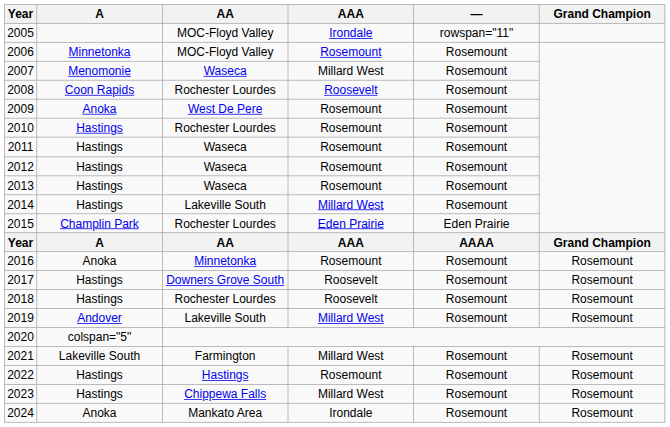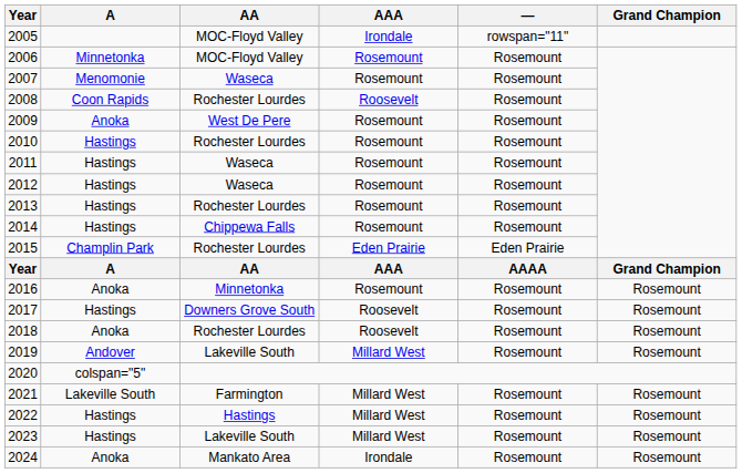 <table class="wikitable" style="font-size: 95%; text-align: center;">
 <tr>
 <th>Year</th>
 <th style="min-width: 10em;">A</th>
 <th style="min-width: 10em;">AA</th>
 <th style="min-width: 10em;">AAA</th>
 <th style="min-width: 10em;">—</th>
 <th style="min-width: 10em;">Grand Champion</th>
 </tr>
 <tr>
 <td>2005</td>
 <td></td>
 <td>MOC-Floyd Valley</td>
 <td><a href='#'>Irondale</a></td>
 <td>rowspan="11" </td>
 <td></td>
 </tr>
 <tr>
 <td>2006</td>
 <td><a href='#'>Minnetonka</a></td>
 <td>MOC-Floyd Valley </td>
 <td><a href='#'>Rosemount</a></td>
 <td>Rosemount</td>
 </tr>
 <tr>
 <td>2007</td>
 <td><a href='#'>Menomonie</a></td>
 <td><a href='#'>Waseca</a></td>
-<td>Millard West </td>
+<td>Rosemount </td>
 <td>Rosemount </td>
 </tr>
 <tr>
 <td>2008</td>
 <td><a href='#'>Coon Rapids</a></td>
 <td>Rochester Lourdes </td>
 <td><a href='#'>Roosevelt</a></td>
 <td>Rosemount </td>
 </tr>
 <tr>
 <td>2009</td>
 <td><a href='#'>Anoka</a></td>
 <td><a href='#'>West De Pere</a></td>
 <td>Rosemount </td>
 <td>Rosemount </td>
 </tr>
 <tr>
 <td>2010</td>
 <td><a href='#'>Hastings</a></td>
 <td>Rochester Lourdes</td>
 <td>Rosemount </td>
 <td>Rosemount </td>
 </tr>
 <tr>
 <td>2011</td>
 <td>Hastings </td>
 <td>Waseca </td>
 <td>Rosemount </td>
 <td>Rosemount </td>
 </tr>
 <tr>
 <td>2012</td>
 <td>Hastings </td>
 <td>Waseca </td>
 <td>Rosemount </td>
 <td>Rosemount </td>
 </tr>
 <tr>
 <td>2013</td>
 <td>Hastings </td>
-<td>Waseca </td>
+<td>Rochester Lourdes </td>
 <td>Rosemount </td>
 <td>Rosemount </td>
 </tr>
 <tr>
 <td>2014</td>
 <td>Hastings </td>
-<td>Lakeville South </td>
-<td><a href='#'>Millard West</a></td>
+<td><a href='#'>Chippewa Falls</a></td>
+<td>Rosemount </td>
 <td>Rosemount </td>
 </tr>
 <tr>
 <td>2015</td>
 <td><a href='#'>Champlin Park</a></td>
 <td>Rochester Lourdes </td>
 <td><a href='#'>Eden Prairie</a></td>
 <td>Eden Prairie</td>
 </tr>
 <tr>
 <th>Year</th>
 <th>A</th>
 <th>AA</th>
 <th>AAA</th>
 <th>AAAA</th>
 <th>Grand Champion</th>
 </tr>
 <tr>
 <td>2016</td>
 <td>Anoka </td>
 <td><a href='#'>Minnetonka</a></td>
 <td>Rosemount </td>
 <td>Rosemount</td>
 <td>Rosemount </td>
 </tr>
 <tr>
 <td>2017</td>
 <td>Hastings </td>
 <td><a href='#'>Downers Grove South</a></td>
 <td>Roosevelt </td>
 <td>Rosemount </td>
 <td>Rosemount </td>
 </tr>
 <tr>
 <td>2018</td>
-<td>Hastings </td>
+<td>Anoka </td>
 <td>Rochester Lourdes </td>
 <td>Roosevelt </td>
 <td>Rosemount </td>
 <td>Rosemount </td>
 </tr>
 <tr>
 <td>2019</td>
 <td><a href='#'>Andover</a></td>
 <td>Lakeville South</td>
 <td><a href='#'>Millard West</a></td>
 <td>Rosemount </td>
 <td>Rosemount </td>
 </tr>
 <tr>
 <td>2020</td>
 <td>colspan="5" </td>
 </tr>
 <tr>
 <td>2021</td>
 <td>Lakeville South</td>
 <td>Farmington</td>
 <td>Millard West </td>
 <td>Rosemount </td>
 <td>Rosemount </td>
 </tr>
 <tr>
 <td>2022</td>
 <td>Hastings </td>
 <td><a href='#'>Hastings</a></td>
-<td>Rosemount </td>
+<td>Millard West </td>
 <td>Rosemount </td>
 <td>Rosemount </td>
 </tr>
 <tr>
 <td>2023</td>
 <td>Hastings </td>
-<td><a href='#'>Chippewa Falls</a></td>
+<td>Lakeville South </td>
 <td>Millard West </td>
 <td>Rosemount </td>
 <td>Rosemount </td>
 </tr>
 <tr>
 <td>2024</td>
 <td>Anoka </td>
 <td>Mankato Area</td>
 <td>Irondale </td>
 <td>Rosemount </td>
 <td>Rosemount </td>
 </tr>
 </table>
